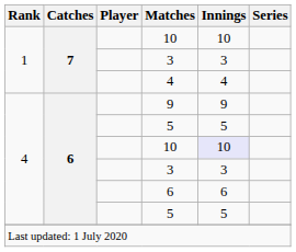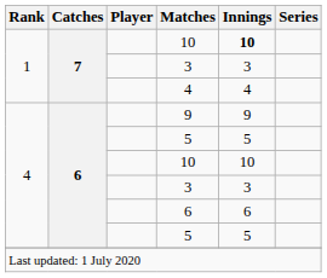 <table class="wikitable plainrowheaders sortable">
 <tr>
 <th scope=col>Rank</th>
 <th scope=col>Catches</th>
 <th scope=col>Player</th>
 <th scope=col>Matches</th>
 <th scope=col>Innings</th>
 <th scope=col>Series</th>
 </tr>
 <tr>
 <td align=center rowspan=3>1</td>
 <th scope=row style="text-align:center;" rowspan=3>7</th>
 <td></td>
 <td align=center>10</td>
-<td align=center>10</td>
+<td align=center><strong>10</strong></td>
 <td></td>
 </tr>
 <tr>
 <td></td>
 <td align=center>3</td>
 <td align=center>3</td>
 <td></td>
 </tr>
 <tr>
 <td></td>
 <td align=center>4</td>
 <td align=center>4</td>
 <td></td>
 </tr>
 <tr>
 <td align=center rowspan=6>4</td>
 <th scope=row style="text-align:center;" rowspan=6>6</th>
 <td></td>
 <td align=center>9</td>
 <td align=center>9</td>
 <td></td>
 </tr>
 <tr>
 <td></td>
 <td align=center>5</td>
 <td align=center>5</td>
 <td></td>
 </tr>
 <tr>
 <td></td>
 <td align=center>10</td>
-<td align=center style="background: lavender;">10</td>
+<td align=center>10</td>
 <td></td>
 </tr>
 <tr>
 <td></td>
 <td align=center>3</td>
 <td align=center>3</td>
 <td></td>
 </tr>
 <tr>
 <td></td>
 <td align=center>6</td>
 <td align=center>6</td>
 <td></td>
 </tr>
 <tr>
 <td></td>
 <td align=center>5</td>
 <td align=center>5</td>
 <td></td>
 </tr>
 <tr>
 </tr>
 <tr class=sortbottom>
 <td colspan=6><small>Last updated: 1 July 2020</small></td>
 </tr>
 </table>
